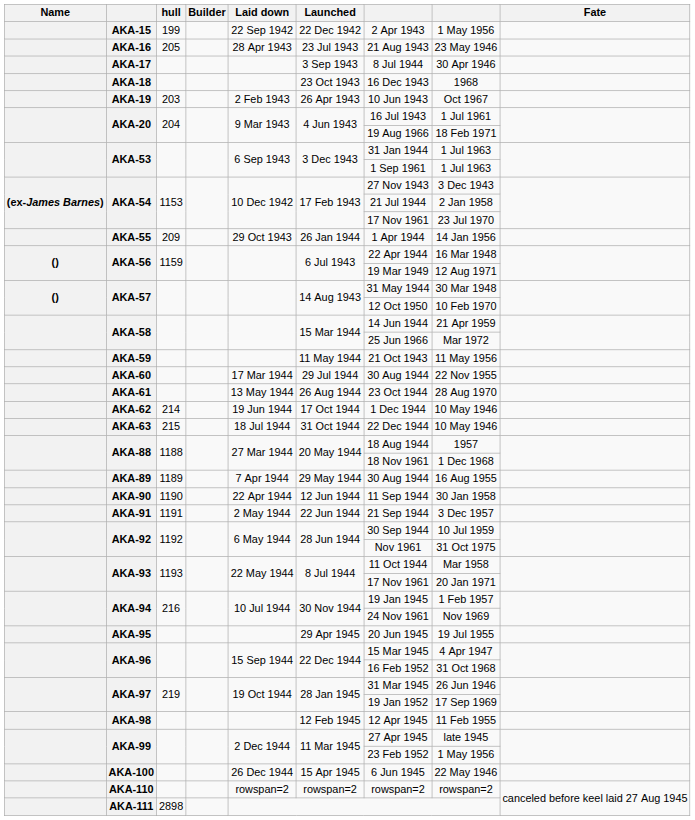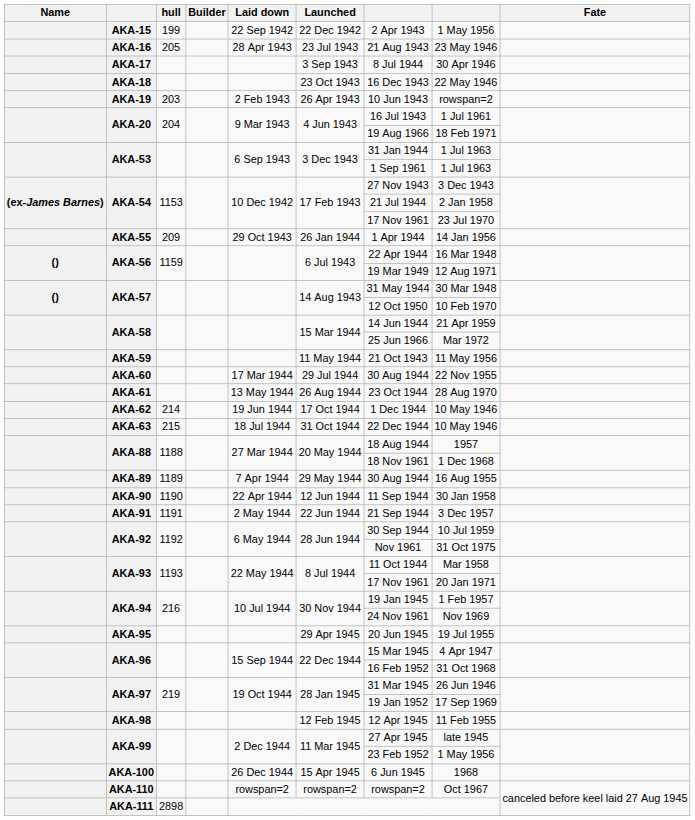 <table class="wikitable sortable plainrowheaders" style="text-align: center;">
 <tr>
 <th scope="col">Name</th>
 <th scope="col"></th>
 <th scope="col"> hull</th>
 <th scope="col">Builder</th>
 <th scope="col" data-sort-type=date>Laid down</th>
 <th scope="col" data-sort-type=date>Launched</th>
 <th scope="col" data-sort-type=date></th>
 <th scope="col" data-sort-type=date></th>
 <th scope="col" class="unsortable">Fate</th>
 </tr>
 <tr>
 <th scope="row"></th>
 <th scope="row">AKA-15</th>
 <td>199</td>
 <td></td>
 <td style="white-space: nowrap;">22 Sep 1942</td>
 <td style="white-space: nowrap;">22 Dec 1942</td>
 <td>2 Apr 1943</td>
 <td>1 May 1956</td>
 <td style="text-align: left;"></td>
 </tr>
 <tr>
 <th scope="row"></th>
 <th scope="row">AKA-16</th>
 <td>205</td>
 <td></td>
 <td>28 Apr 1943</td>
 <td>23 Jul 1943</td>
 <td>21 Aug 1943</td>
 <td>23 May 1946</td>
 <td style="text-align: left;"></td>
 </tr>
 <tr>
 <th scope="row"></th>
 <th scope="row">AKA-17</th>
 <td></td>
 <td></td>
 <td></td>
 <td style="white-space: nowrap;">3 Sep 1943</td>
 <td>8 Jul 1944</td>
 <td style="white-space: nowrap;">30 Apr 1946</td>
 <td style="text-align: left;"></td>
 </tr>
 <tr>
 <th scope="row"></th>
 <th scope="row">AKA-18</th>
 <td></td>
 <td></td>
 <td></td>
 <td>23 Oct 1943</td>
 <td>16 Dec 1943</td>
-<td>1968</td>
+<td>22 May 1946</td>
 <td style="text-align: left;"></td>
 </tr>
 <tr>
 <th scope="row"></th>
 <th scope="row">AKA-19</th>
 <td>203</td>
 <td></td>
 <td>2 Feb 1943</td>
 <td>26 Apr 1943</td>
 <td>10 Jun 1943</td>
-<td>Oct 1967</td>
+<td>rowspan=2 </td>
 <td style="text-align: left;"></td>
 </tr>
 <tr>
 <th scope="row" rowspan=2></th>
 <th scope="row" rowspan=2>AKA-20</th>
 <td rowspan=2>204</td>
 <td rowspan=2></td>
 <td rowspan=2>9 Mar 1943</td>
 <td rowspan=2>4 Jun 1943</td>
 <td>16 Jul 1943</td>
 <td>1 Jul 1961</td>
 <td rowspan=2 style="text-align: left;"></td>
 </tr>
 <tr>
 <td>19 Aug 1966</td>
 <td>18 Feb 1971</td>
 </tr>
 <tr>
 <th scope="row" rowspan=2></th>
 <th scope="row" rowspan=2>AKA-53</th>
 <td rowspan=2></td>
 <td rowspan=2></td>
 <td rowspan=2>6 Sep 1943</td>
 <td rowspan=2>3 Dec 1943</td>
 <td>31 Jan 1944</td>
 <td>1 Jul 1963</td>
 <td rowspan=2 style="text-align: left;"></td>
 </tr>
 <tr>
 <td>1 Sep 1961</td>
 <td>1 Jul 1963</td>
 </tr>
 <tr>
 <th scope="row" rowspan=3> (ex-<em>James Barnes</em>)</th>
 <th scope="row" rowspan=3>AKA-54</th>
 <td rowspan=3>1153</td>
 <td rowspan=3></td>
 <td rowspan=3>10 Dec 1942</td>
 <td rowspan=3>17 Feb 1943</td>
 <td>27 Nov 1943</td>
 <td>3 Dec 1943</td>
 <td rowspan=3 style="text-align: left;"></td>
 </tr>
 <tr>
 <td>21 Jul 1944</td>
 <td>2 Jan 1958</td>
 </tr>
 <tr>
 <td>17 Nov 1961</td>
 <td>23 Jul 1970</td>
 </tr>
 <tr>
 <th scope="row"></th>
 <th scope="row" style="white-space: nowrap;">AKA-55</th>
 <td>209</td>
 <td></td>
 <td>29 Oct 1943</td>
 <td>26 Jan 1944</td>
 <td>1 Apr 1944</td>
 <td>14 Jan 1956</td>
 <td style="text-align: left;"></td>
 </tr>
 <tr>
 <th scope="row" rowspan=2> ()</th>
 <th scope="row" rowspan=2>AKA-56</th>
 <td rowspan=2>1159</td>
 <td rowspan=2></td>
 <td rowspan=2></td>
 <td rowspan=2>6 Jul 1943</td>
 <td>22 Apr 1944</td>
 <td>16 Mar 1948</td>
 <td rowspan=2 style="text-align: left;"></td>
 </tr>
 <tr>
 <td>19 Mar 1949</td>
 <td>12 Aug 1971</td>
 </tr>
 <tr>
 <th scope="row" rowspan=2> ()</th>
 <th scope="row" rowspan=2>AKA-57</th>
 <td rowspan=2></td>
 <td rowspan=2></td>
 <td rowspan=2></td>
 <td rowspan=2>14 Aug 1943</td>
 <td style="white-space: nowrap;">31 May 1944</td>
 <td style="white-space: nowrap;">30 Mar 1948</td>
 <td rowspan=2 style="text-align: left;"></td>
 </tr>
 <tr>
 <td>12 Oct 1950</td>
 <td>10 Feb 1970</td>
 </tr>
 <tr>
 <th scope="row" rowspan=2></th>
 <th scope="row" rowspan=2>AKA-58</th>
 <td rowspan=2></td>
 <td rowspan=2></td>
 <td rowspan=2></td>
 <td rowspan=2>15 Mar 1944</td>
 <td>14 Jun 1944</td>
 <td>21 Apr 1959</td>
 <td rowspan=2 style="text-align: left;"></td>
 </tr>
 <tr>
 <td>25 Jun 1966</td>
 <td>Mar 1972</td>
 </tr>
 <tr>
 <th scope="row"></th>
 <th scope="row">AKA-59</th>
 <td></td>
 <td></td>
 <td></td>
 <td>11 May 1944</td>
 <td style="white-space: nowrap;">21 Oct 1943</td>
 <td>11 May 1956</td>
 <td style="text-align: left;"></td>
 </tr>
 <tr>
 <th scope="row"></th>
 <th scope="row">AKA-60</th>
 <td></td>
 <td></td>
 <td>17 Mar 1944</td>
 <td>29 Jul 1944</td>
 <td>30 Aug 1944</td>
 <td>22 Nov 1955</td>
 <td style="text-align: left;"></td>
 </tr>
 <tr>
 <th scope="row"></th>
 <th scope="row">AKA-61</th>
 <td></td>
 <td></td>
 <td style="white-space: nowrap;">13 May 1944</td>
 <td style="white-space: nowrap;">26 Aug 1944</td>
 <td>23 Oct 1944</td>
 <td>28 Aug 1970</td>
 <td style="text-align: left;"></td>
 </tr>
 <tr>
 <th scope="row"></th>
 <th scope="row">AKA-62</th>
 <td>214</td>
 <td></td>
 <td>19 Jun 1944</td>
 <td>17 Oct 1944</td>
 <td>1 Dec 1944</td>
 <td>10 May 1946</td>
 <td style="text-align: left;"></td>
 </tr>
 <tr>
 <th scope="row"></th>
 <th scope="row">AKA-63</th>
 <td>215</td>
 <td></td>
 <td>18 Jul 1944</td>
 <td>31 Oct 1944</td>
 <td style="white-space: nowrap;">22 Dec 1944</td>
 <td style="white-space: nowrap;">10 May 1946</td>
 <td style="text-align: left;"></td>
 </tr>
 <tr>
 <th scope="row" rowspan=2></th>
 <th scope="row" rowspan=2>AKA-88</th>
 <td rowspan=2>1188</td>
 <td rowspan=2></td>
 <td rowspan=2 style="white-space: nowrap;">27 Mar 1944</td>
 <td rowspan=2 style="white-space: nowrap;">20 May 1944</td>
 <td>18 Aug 1944</td>
 <td>1957</td>
 <td rowspan=2 style="text-align: left;"></td>
 </tr>
 <tr>
 <td>18 Nov 1961</td>
 <td>1 Dec 1968</td>
 </tr>
 <tr>
 <th scope="row"></th>
 <th scope="row">AKA-89</th>
 <td>1189</td>
 <td></td>
 <td>7 Apr 1944</td>
 <td>29 May 1944</td>
 <td>30 Aug 1944</td>
 <td>16 Aug 1955</td>
 <td style="text-align: left;"></td>
 </tr>
 <tr>
 <th scope="row"></th>
 <th scope="row">AKA-90</th>
 <td>1190</td>
 <td></td>
 <td>22 Apr 1944</td>
 <td>12 Jun 1944</td>
 <td>11 Sep 1944</td>
 <td>30 Jan 1958</td>
 <td style="text-align: left;"></td>
 </tr>
 <tr>
 <th scope="row"></th>
 <th scope="row">AKA-91</th>
 <td>1191</td>
 <td></td>
 <td>2 May 1944</td>
 <td>22 Jun 1944</td>
 <td>21 Sep 1944</td>
 <td>3 Dec 1957</td>
 <td style="text-align: left;"></td>
 </tr>
 <tr>
 <th scope="row" rowspan=2></th>
 <th scope="row" rowspan=2>AKA-92</th>
 <td rowspan=2>1192</td>
 <td rowspan=2></td>
 <td rowspan=2>6 May 1944</td>
 <td rowspan=2>28 Jun 1944</td>
 <td>30 Sep 1944</td>
 <td>10 Jul 1959</td>
 <td rowspan=2 style="text-align: left;"></td>
 </tr>
 <tr>
 <td>Nov 1961</td>
 <td>31 Oct 1975</td>
 </tr>
 <tr>
 <th scope="row" rowspan=2></th>
 <th scope="row" rowspan=2>AKA-93</th>
 <td rowspan=2>1193</td>
 <td rowspan=2></td>
 <td rowspan=2>22 May 1944</td>
 <td rowspan=2>8 Jul 1944</td>
 <td>11 Oct 1944</td>
 <td>Mar 1958</td>
 <td rowspan=2 style="text-align: left;"></td>
 </tr>
 <tr>
 <td>17 Nov 1961</td>
 <td>20 Jan 1971</td>
 </tr>
 <tr>
 <th scope="row" rowspan=2></th>
 <th scope="row" rowspan=2>AKA-94</th>
 <td rowspan=2>216</td>
 <td rowspan=2></td>
 <td rowspan=2>10 Jul 1944</td>
 <td rowspan=2>30 Nov 1944</td>
 <td>19 Jan 1945</td>
 <td>1 Feb 1957</td>
 <td rowspan=2 style="text-align: left;"></td>
 </tr>
 <tr>
 <td>24 Nov 1961</td>
 <td>Nov 1969</td>
 </tr>
 <tr>
 <th scope="row"></th>
 <th scope="row">AKA-95</th>
 <td></td>
 <td></td>
 <td></td>
 <td>29 Apr 1945</td>
 <td>20 Jun 1945</td>
 <td>19 Jul 1955</td>
 <td style="text-align: left;"></td>
 </tr>
 <tr>
 <th scope="row" rowspan=2></th>
 <th scope="row" rowspan=2>AKA-96</th>
 <td rowspan=2></td>
 <td rowspan=2></td>
 <td rowspan=2>15 Sep 1944</td>
 <td rowspan=2>22 Dec 1944</td>
 <td>15 Mar 1945</td>
 <td>4 Apr 1947</td>
 <td rowspan=2 style="text-align: left;"></td>
 </tr>
 <tr>
 <td>16 Feb 1952</td>
 <td>31 Oct 1968</td>
 </tr>
 <tr>
 <th scope="row" rowspan=2></th>
 <th scope="row" rowspan=2>AKA-97</th>
 <td rowspan=2>219</td>
 <td rowspan=2></td>
 <td rowspan=2>19 Oct 1944</td>
 <td rowspan=2>28 Jan 1945</td>
 <td>31 Mar 1945</td>
 <td>26 Jun 1946</td>
 <td rowspan=2 style="text-align: left;"></td>
 </tr>
 <tr>
 <td>19 Jan 1952</td>
 <td>17 Sep 1969</td>
 </tr>
 <tr>
 <th scope="row"></th>
 <th scope="row">AKA-98</th>
 <td></td>
 <td></td>
 <td></td>
 <td>12 Feb 1945</td>
 <td>12 Apr 1945</td>
 <td>11 Feb 1955</td>
 <td style="text-align: left;"></td>
 </tr>
 <tr>
 <th scope="row" rowspan=2></th>
 <th scope="row" rowspan=2>AKA-99</th>
 <td rowspan=2></td>
 <td rowspan=2></td>
 <td rowspan=2>2 Dec 1944</td>
 <td rowspan=2>11 Mar 1945</td>
 <td>27 Apr 1945</td>
 <td data-sort-value="1945">late 1945</td>
 <td rowspan=2 style="text-align: left;"></td>
 </tr>
 <tr>
 <td>23 Feb 1952</td>
 <td>1 May 1956</td>
 </tr>
 <tr>
 <th scope="row"></th>
 <th scope="row" style="white-space: nowrap;">AKA-100</th>
 <td></td>
 <td></td>
 <td>26 Dec 1944</td>
 <td>15 Apr 1945</td>
 <td>6 Jun 1945</td>
-<td>22 May 1946</td>
+<td>1968</td>
 <td style="text-align: left;"></td>
 </tr>
 <tr>
 <th scope="row"></th>
 <th scope="row">AKA-110</th>
 <td></td>
 <td></td>
 <td>rowspan=2 </td>
 <td>rowspan=2 </td>
 <td>rowspan=2 </td>
-<td>rowspan=2 </td>
+<td>Oct 1967</td>
 <td rowspan= 2 style="text-align: left;">canceled before keel laid 27 Aug 1945</td>
 </tr>
 <tr>
 <th scope="row"></th>
 <th scope="row">AKA-111</th>
 <td>2898</td>
 <td></td>
 </tr>
 </table>
